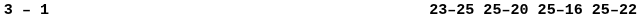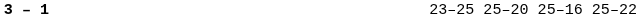 <table width=100% cellspacing=1>
 <tr>
 <th width=20%></th>
 <th width=12%></th>
 <th width=20%></th>
 <th width=33%></th>
 <td></td>
 </tr>
 <tr style=font-size:95%>
 <td align=right><strong></strong></td>
 <td align=center><strong>3 – 1</strong></td>
 <td></td>
-<td><strong>23–25 25–20 25–16 25–22</strong></td>
+<td>23–25 25–20 25–16 25–22</td>
 </tr>
 </table>
